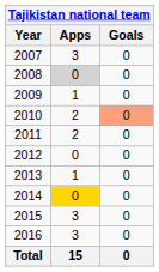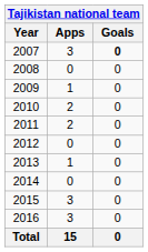 <table class="wikitable" style="text-align:center">
 <tr>
 <th colspan=3><a href='#'>Tajikistan national team</a></th>
 </tr>
 <tr>
 <th>Year</th>
 <th>Apps</th>
 <th>Goals</th>
 </tr>
 <tr>
 <td>2007</td>
 <td>3</td>
-<td>0</td>
+<td><strong>0</strong></td>
 </tr>
 <tr>
 <td>2008</td>
-<td style="background: lightgrey;">0</td>
+<td>0</td>
 <td>0</td>
 </tr>
 <tr>
 <td>2009</td>
 <td>1</td>
 <td>0</td>
 </tr>
 <tr>
 <td>2010</td>
 <td>2</td>
-<td style="background: lightsalmon;">0</td>
+<td>0</td>
 </tr>
 <tr>
 <td>2011</td>
 <td>2</td>
 <td>0</td>
 </tr>
 <tr>
 <td>2012</td>
 <td>0</td>
 <td>0</td>
 </tr>
 <tr>
 <td>2013</td>
 <td>1</td>
 <td>0</td>
 </tr>
 <tr>
 <td>2014</td>
-<td style="background: gold;">0</td>
+<td>0</td>
 <td>0</td>
 </tr>
 <tr>
 <td>2015</td>
 <td>3</td>
 <td>0</td>
 </tr>
 <tr>
 <td>2016</td>
 <td>3</td>
 <td>0</td>
 </tr>
 <tr>
 <th>Total</th>
 <th>15</th>
 <th>0</th>
 </tr>
 </table>
